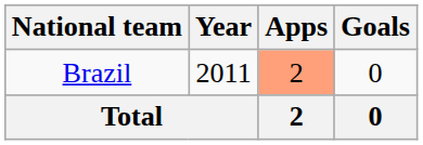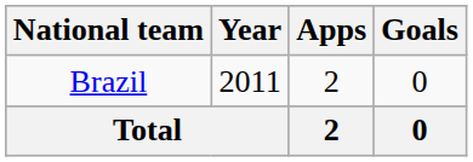 <table class="wikitable" style="text-align:center">
 <tr>
 <th>National team</th>
 <th>Year</th>
 <th>Apps</th>
 <th>Goals</th>
 </tr>
 <tr>
 <td><a href='#'>Brazil</a></td>
 <td>2011</td>
-<td style="background: lightsalmon;">2</td>
+<td>2</td>
 <td>0</td>
 </tr>
 <tr>
 <th colspan="2">Total</th>
 <th>2</th>
 <th>0</th>
 </tr>
 </table>
